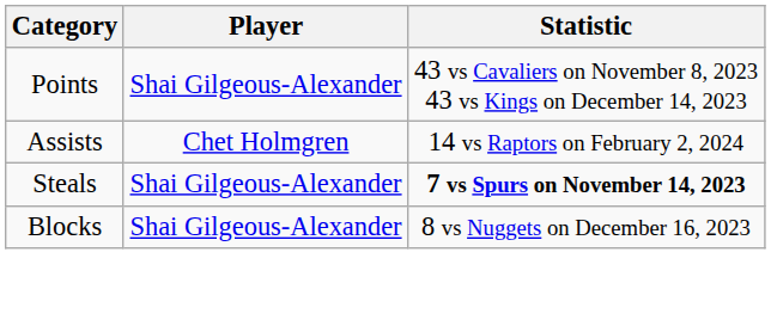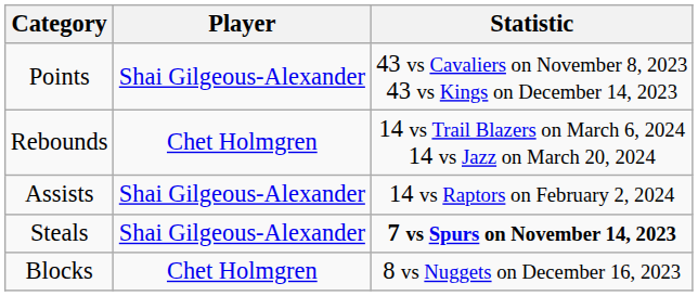 <table class="wikitable" style="text-align: center">
 <tr>
 <th>Category</th>
 <th>Player</th>
 <th>Statistic</th>
 </tr>
 <tr style="text-align: center">
 <td>Points</td>
 <td><a href='#'>Shai Gilgeous-Alexander</a></td>
 <td>43 <small>vs <a href='#'>Cavaliers</a> on November 8, 2023</small><br>43 <small>vs <a href='#'>Kings</a> on December 14, 2023</small></td>
 </tr>
 <tr style="text-align: center">
+<td>Rebounds</td>
+<td><a href='#'>Chet Holmgren</a></td>
+<td>14 <small>vs <a href='#'>Trail Blazers</a> on March 6, 2024</small><br>14 <small>vs <a href='#'>Jazz</a> on March 20, 2024</small></td>
+</tr>
+<tr style="text-align: center">
 <td>Assists</td>
-<td><a href='#'>Chet Holmgren</a></td>
+<td><a href='#'>Shai Gilgeous-Alexander</a></td>
 <td>14 <small>vs <a href='#'>Raptors</a> on February 2, 2024</small></td>
 </tr>
 <tr style="text-align: center">
 <td>Steals</td>
 <td><a href='#'>Shai Gilgeous-Alexander</a></td>
 <td><strong>7 <small>vs <a href='#'>Spurs</a> on November 14, 2023</small></strong></td>
 </tr>
 <tr style="text-align: center">
 <td>Blocks</td>
-<td><a href='#'>Shai Gilgeous-Alexander</a></td>
+<td><a href='#'>Chet Holmgren</a></td>
 <td>8 <small>vs <a href='#'>Nuggets</a> on December 16, 2023</small></td>
 </tr>
 </table>
